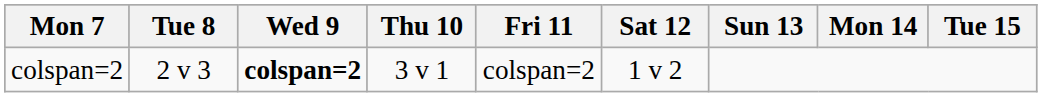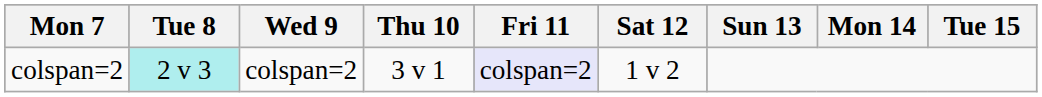 <table class="wikitable" style="text-align:center">
 <tr>
 <th width=11.1%>Mon 7</th>
 <th width=11.1%>Tue 8</th>
 <th width=11.1%>Wed 9</th>
 <th width=11.1%>Thu 10</th>
 <th width=11.1%>Fri 11</th>
 <th width=11.1%>Sat 12</th>
 <th width=11.1%>Sun 13</th>
 <th width=11.1%>Mon 14</th>
 <th width=11.1%>Tue 15</th>
 </tr>
 <tr>
 <td>colspan=2 </td>
-<td>2 v 3</td>
-<td><strong>colspan=2 </strong></td>
+<td style="background: paleturquoise;">2 v 3</td>
+<td>colspan=2 </td>
 <td>3 v 1</td>
-<td>colspan=2 </td>
+<td style="background: lavender;">colspan=2 </td>
 <td>1 v 2</td>
 </tr>
 </table>
